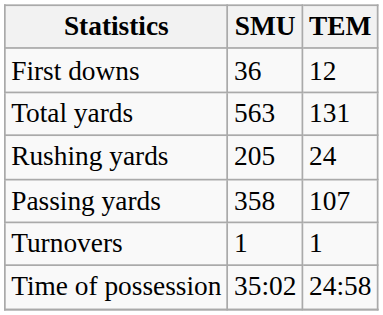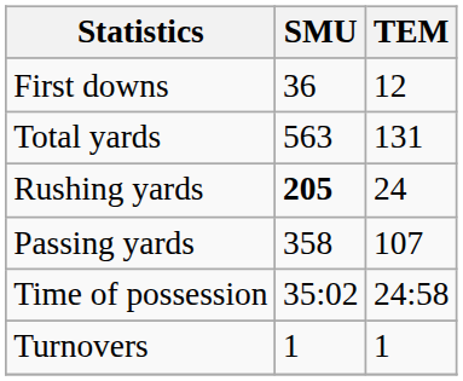 <table class="wikitable" style="float: left;">
 <tr>
 <th>Statistics</th>
 <th>SMU</th>
 <th>TEM</th>
 </tr>
 <tr>
 <td>First downs</td>
 <td>36</td>
 <td>12</td>
 </tr>
 <tr>
 <td>Total yards</td>
 <td>563</td>
 <td>131</td>
 </tr>
 <tr>
 <td>Rushing yards</td>
-<td>205</td>
+<td><strong>205</strong></td>
 <td>24</td>
 </tr>
 <tr>
 <td>Passing yards</td>
 <td>358</td>
 <td>107</td>
 </tr>
 <tr>
+<td>Time of possession</td>
+<td>35:02</td>
+<td>24:58</td>
+</tr>
+<tr>
 <td>Turnovers</td>
 <td>1</td>
 <td>1</td>
 </tr>
 <tr>
-<td>Time of possession</td>
-<td>35:02</td>
-<td>24:58</td>
-</tr>
-<tr>
 </tr>
 </table>
